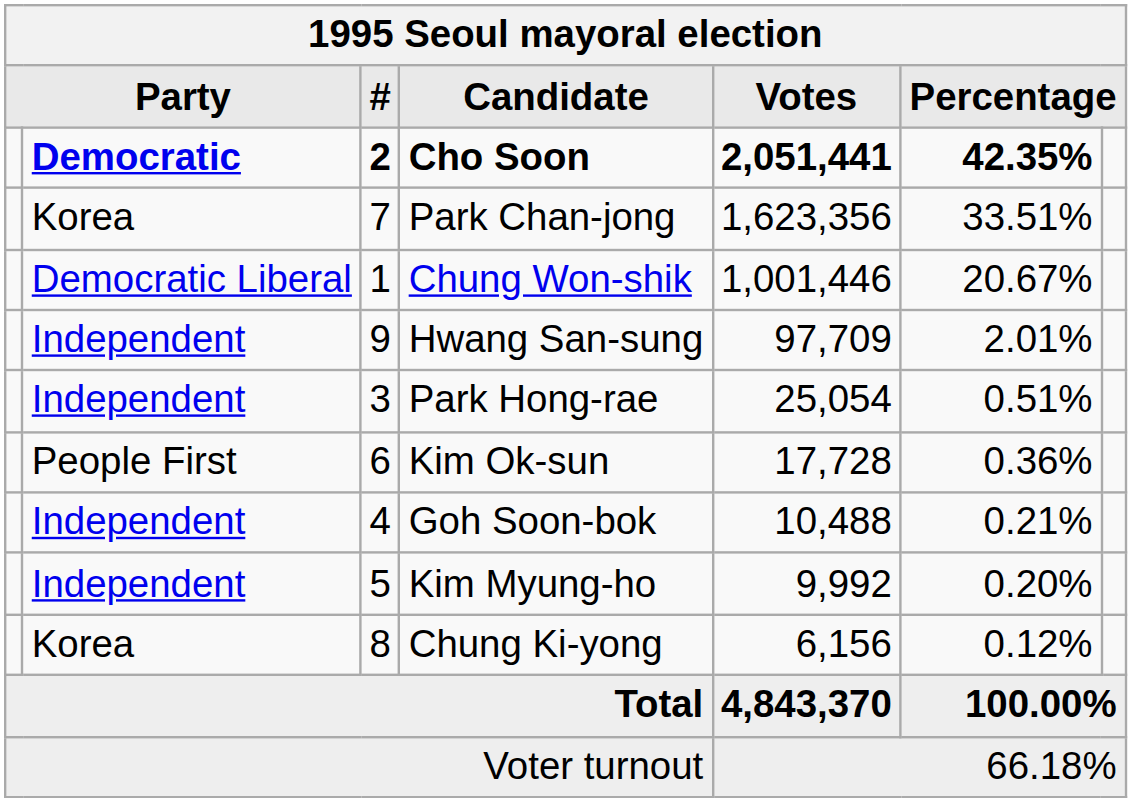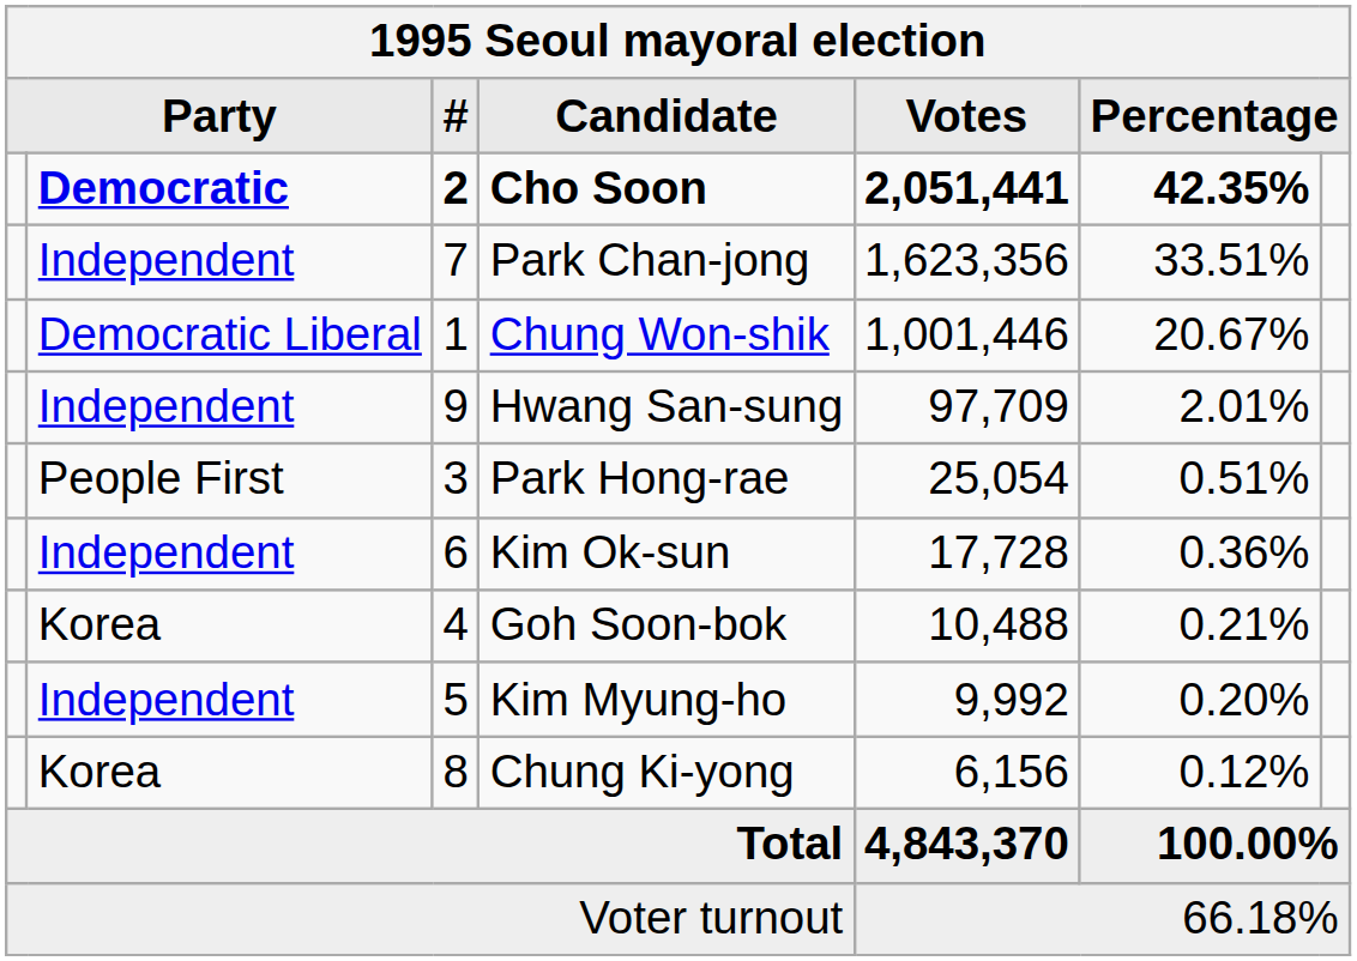 <table class="wikitable">
 <tr>
 <th colspan="7">1995 Seoul mayoral election</th>
 </tr>
 <tr>
 <th style="background-color:#E9E9E9" colspan=2>Party</th>
 <th style="background-color:#E9E9E9">#</th>
 <th style="background-color:#E9E9E9">Candidate</th>
 <th style="background-color:#E9E9E9">Votes</th>
 <th style="background-color:#E9E9E9" colspan=2>Percentage</th>
 </tr>
 <tr style="font-weight:bold">
 <td></td>
 <td align=left><a href='#'>Democratic</a></td>
 <td align=center>2</td>
 <td align=left>Cho Soon</td>
 <td align=right>2,051,441</td>
 <td align=right>42.35%</td>
 <td align=right></td>
 </tr>
 <tr>
 <td></td>
-<td align=left>Korea</td>
+<td align=left><a href='#'>Independent</a></td>
 <td align=center>7</td>
 <td align=left>Park Chan-jong</td>
 <td align=right>1,623,356</td>
 <td align=right>33.51%</td>
 <td align=right></td>
 </tr>
 <tr>
 <td></td>
 <td align=left><a href='#'>Democratic Liberal</a></td>
 <td align=center>1</td>
 <td align=left><a href='#'>Chung Won-shik</a></td>
 <td align=right>1,001,446</td>
 <td align=right>20.67%</td>
 <td align=right></td>
 </tr>
 <tr>
 <td></td>
 <td align=left><a href='#'>Independent</a></td>
 <td align=center>9</td>
 <td align=left>Hwang San-sung</td>
 <td align=right>97,709</td>
 <td align=right>2.01%</td>
 <td align=right></td>
 </tr>
 <tr>
 <td></td>
-<td align=left><a href='#'>Independent</a></td>
+<td align=left>People First</td>
 <td align=center>3</td>
 <td align=left>Park Hong-rae</td>
 <td align=right>25,054</td>
 <td align=right>0.51%</td>
 <td align=right></td>
 </tr>
 <tr>
 <td></td>
-<td align=left>People First</td>
+<td align=left><a href='#'>Independent</a></td>
 <td align=center>6</td>
 <td align=left>Kim Ok-sun</td>
 <td align=right>17,728</td>
 <td align=right>0.36%</td>
 <td align=right></td>
 </tr>
 <tr>
 <td></td>
-<td align=left><a href='#'>Independent</a></td>
+<td align=left>Korea</td>
 <td align=center>4</td>
 <td align=left>Goh Soon-bok</td>
 <td align=right>10,488</td>
 <td align=right>0.21%</td>
 <td align=right></td>
 </tr>
 <tr>
 <td></td>
 <td align=left><a href='#'>Independent</a></td>
 <td align=center>5</td>
 <td align=left>Kim Myung-ho</td>
 <td align=right>9,992</td>
 <td align=right>0.20%</td>
 <td align=right></td>
 </tr>
 <tr>
 <td></td>
 <td align=left>Korea</td>
 <td align=center>8</td>
 <td align=left>Chung Ki-yong</td>
 <td align=right>6,156</td>
 <td align=right>0.12%</td>
 <td align=right></td>
 </tr>
 <tr bgcolor="#EEEEEE" style="font-weight:bold">
 <td colspan="4" align=right>Total</td>
 <td align=right>4,843,370</td>
 <td align=right colspan=2>100.00%</td>
 </tr>
 <tr bgcolor="#EEEEEE">
 <td colspan="4" align="right">Voter turnout</td>
 <td colspan="3" align="right">66.18%</td>
 </tr>
 </table>
